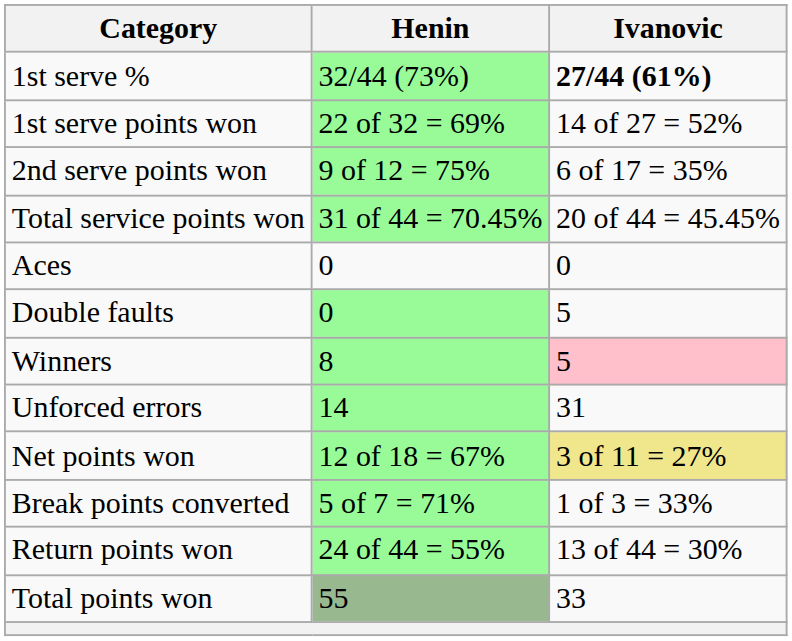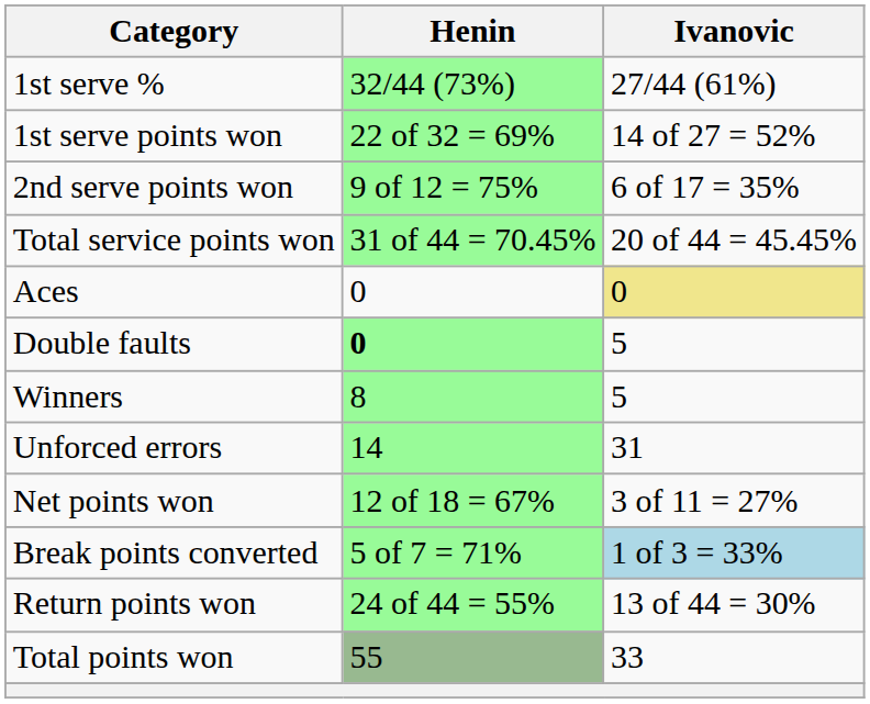 <table class="wikitable">
 <tr>
 <th>Category</th>
 <th> Henin</th>
 <th> Ivanovic</th>
 </tr>
 <tr>
 <td>1st serve %</td>
 <td bgcolor=98FB98>32/44 (73%)</td>
-<td><strong>27/44 (61%)</strong></td>
+<td>27/44 (61%)</td>
 </tr>
 <tr>
 <td>1st serve points won</td>
 <td bgcolor=98FB98>22 of 32 = 69%</td>
 <td>14 of 27 = 52%</td>
 </tr>
 <tr>
 <td>2nd serve points won</td>
 <td bgcolor=98FB98>9 of 12 = 75%</td>
 <td>6 of 17 = 35%</td>
 </tr>
 <tr>
 <td>Total service points won</td>
 <td bgcolor=98FB98>31 of 44 = 70.45%</td>
 <td>20 of 44 = 45.45%</td>
 </tr>
 <tr>
 <td>Aces</td>
 <td>0</td>
-<td>0</td>
+<td style="background: khaki;">0</td>
 </tr>
 <tr>
 <td>Double faults</td>
-<td bgcolor=98FB98>0</td>
+<td bgcolor=98FB98><strong>0</strong></td>
 <td>5</td>
 </tr>
 <tr>
 <td>Winners</td>
 <td bgcolor=98FB98>8</td>
-<td style="background: pink;">5</td>
+<td>5</td>
 </tr>
 <tr>
 <td>Unforced errors</td>
 <td bgcolor=98FB98>14</td>
 <td>31</td>
 </tr>
 <tr>
 <td>Net points won</td>
 <td bgcolor=98FB98>12 of 18 = 67%</td>
-<td style="background: khaki;">3 of 11 = 27%</td>
+<td>3 of 11 = 27%</td>
 </tr>
 <tr>
 <td>Break points converted</td>
 <td bgcolor=98FB98>5 of 7 = 71%</td>
-<td>1 of 3 = 33%</td>
+<td style="background: lightblue;">1 of 3 = 33%</td>
 </tr>
 <tr>
 <td>Return points won</td>
 <td bgcolor=98FB98>24 of 44 = 55%</td>
 <td>13 of 44 = 30%</td>
 </tr>
 <tr>
 <td>Total points won</td>
 <td bgcolor=98FB989>55</td>
 <td>33</td>
 </tr>
 <tr>
 <th colspan=3></th>
 </tr>
 </table>
